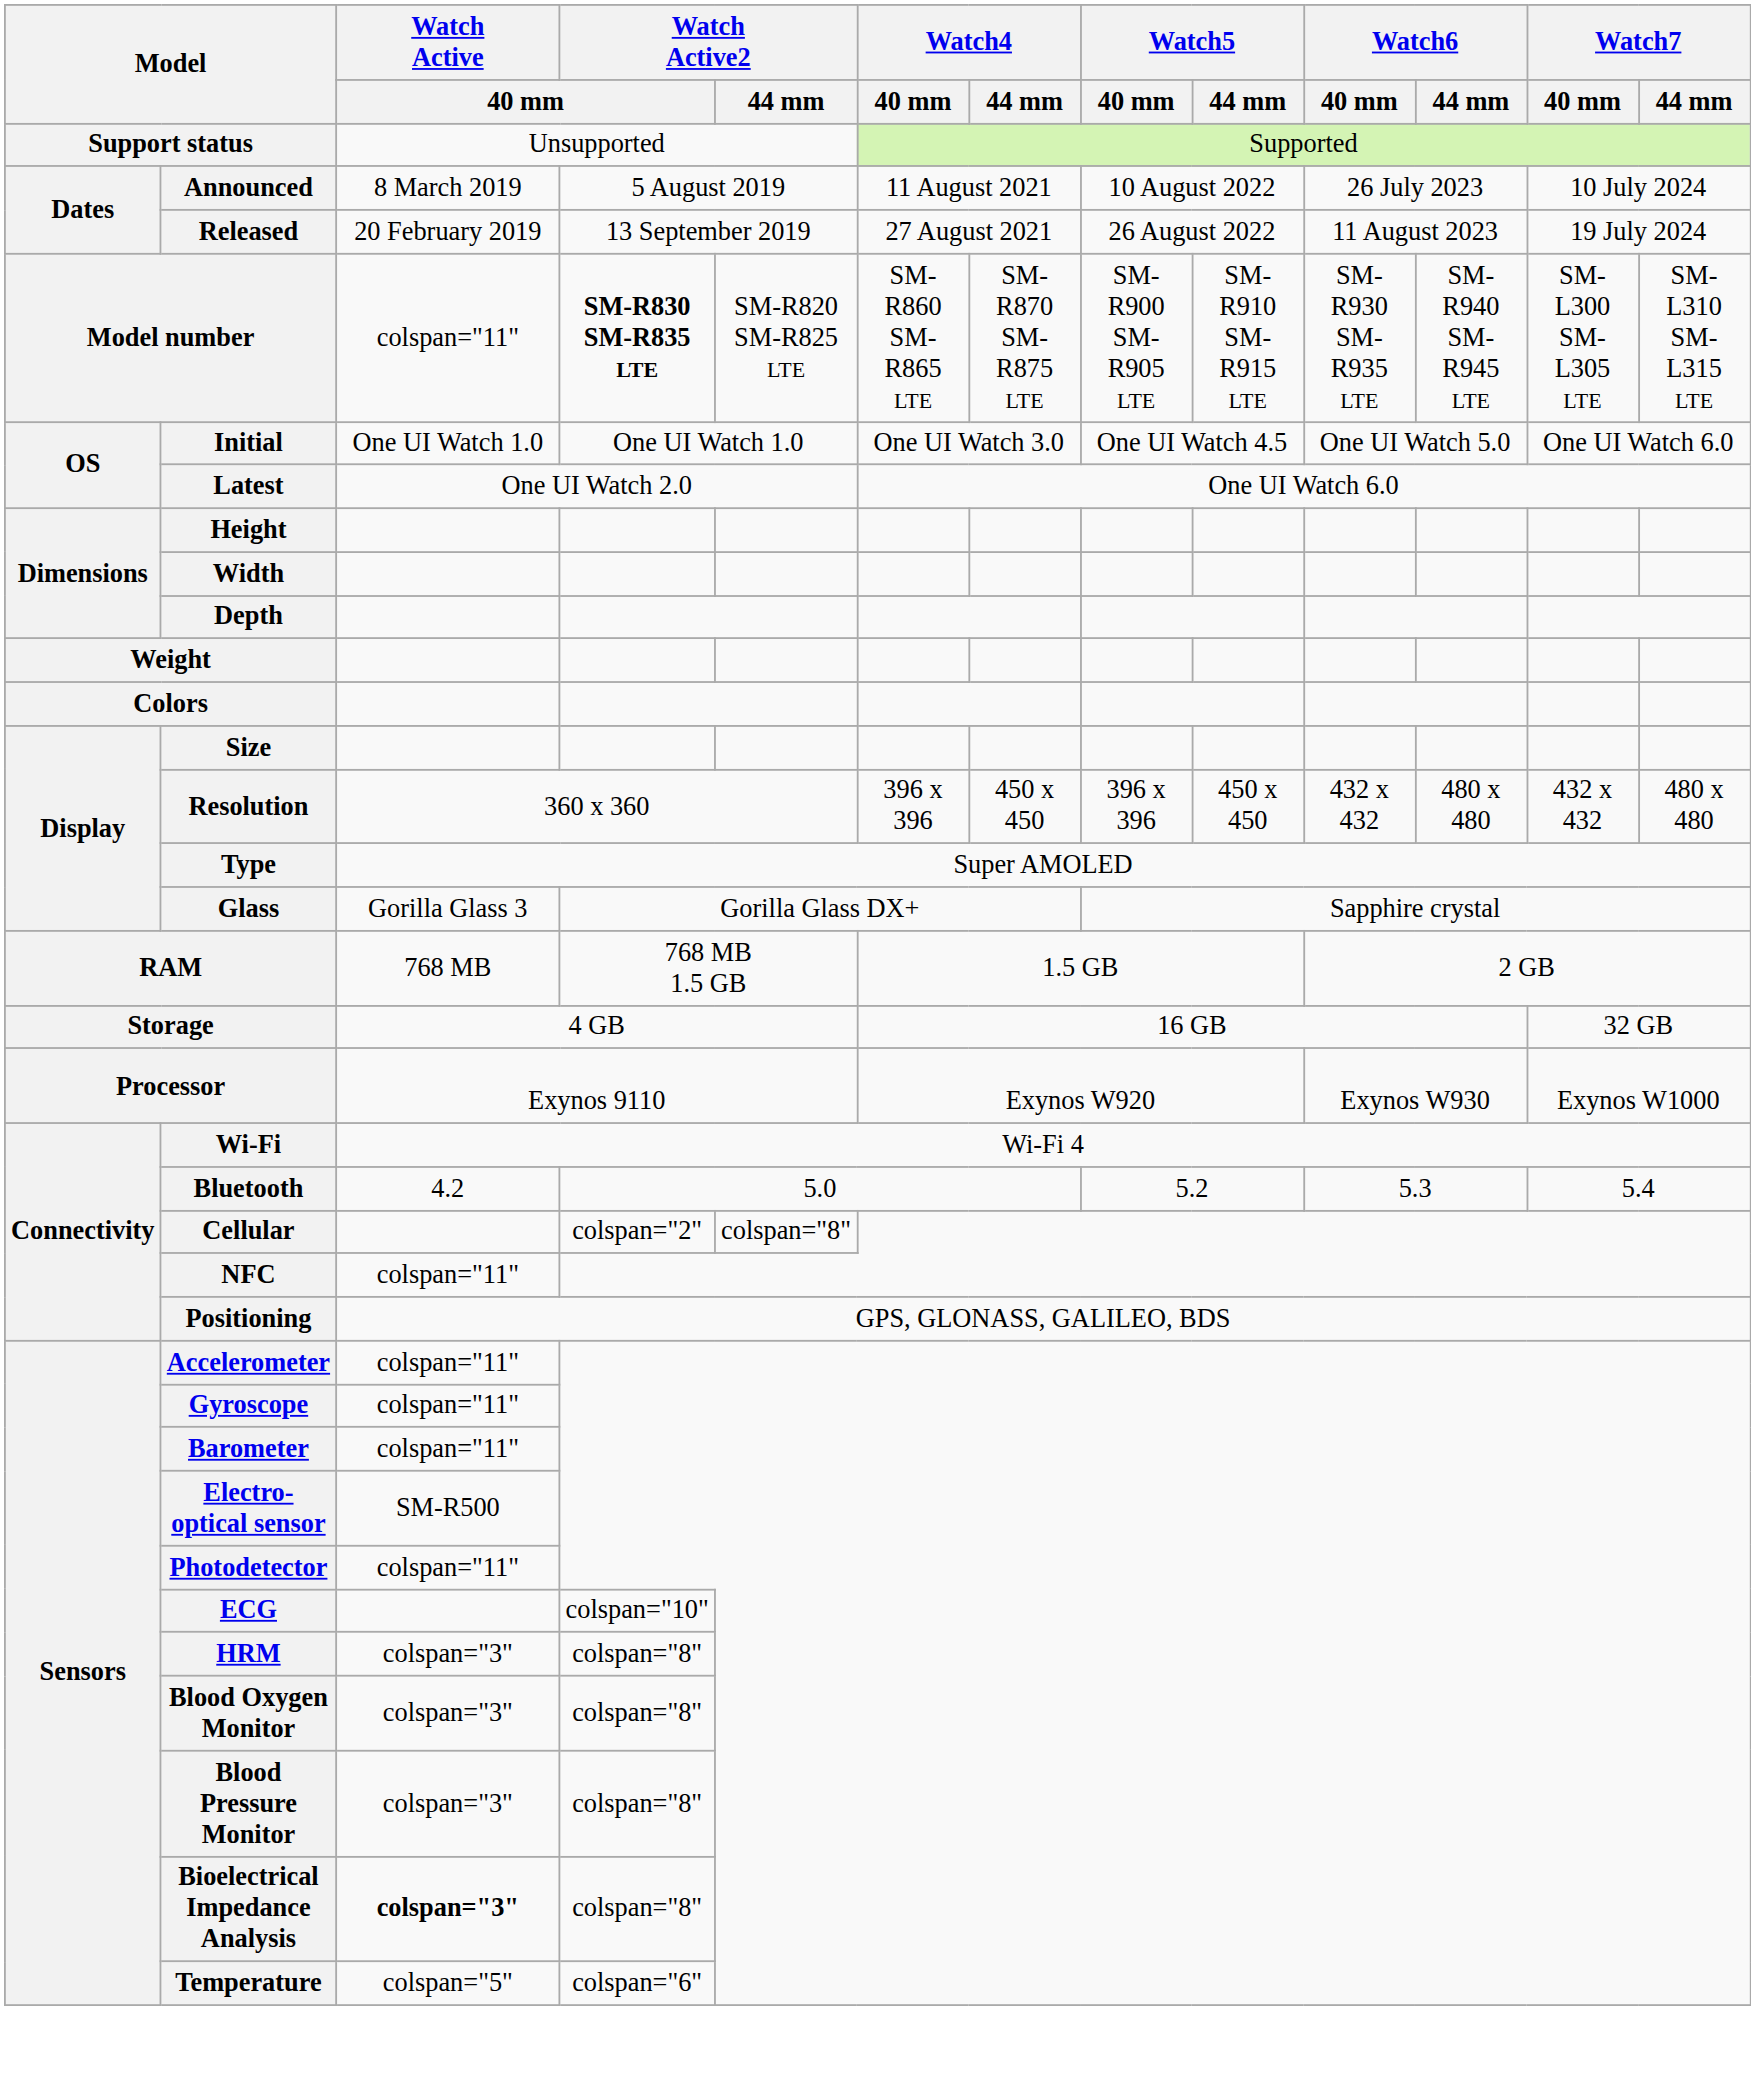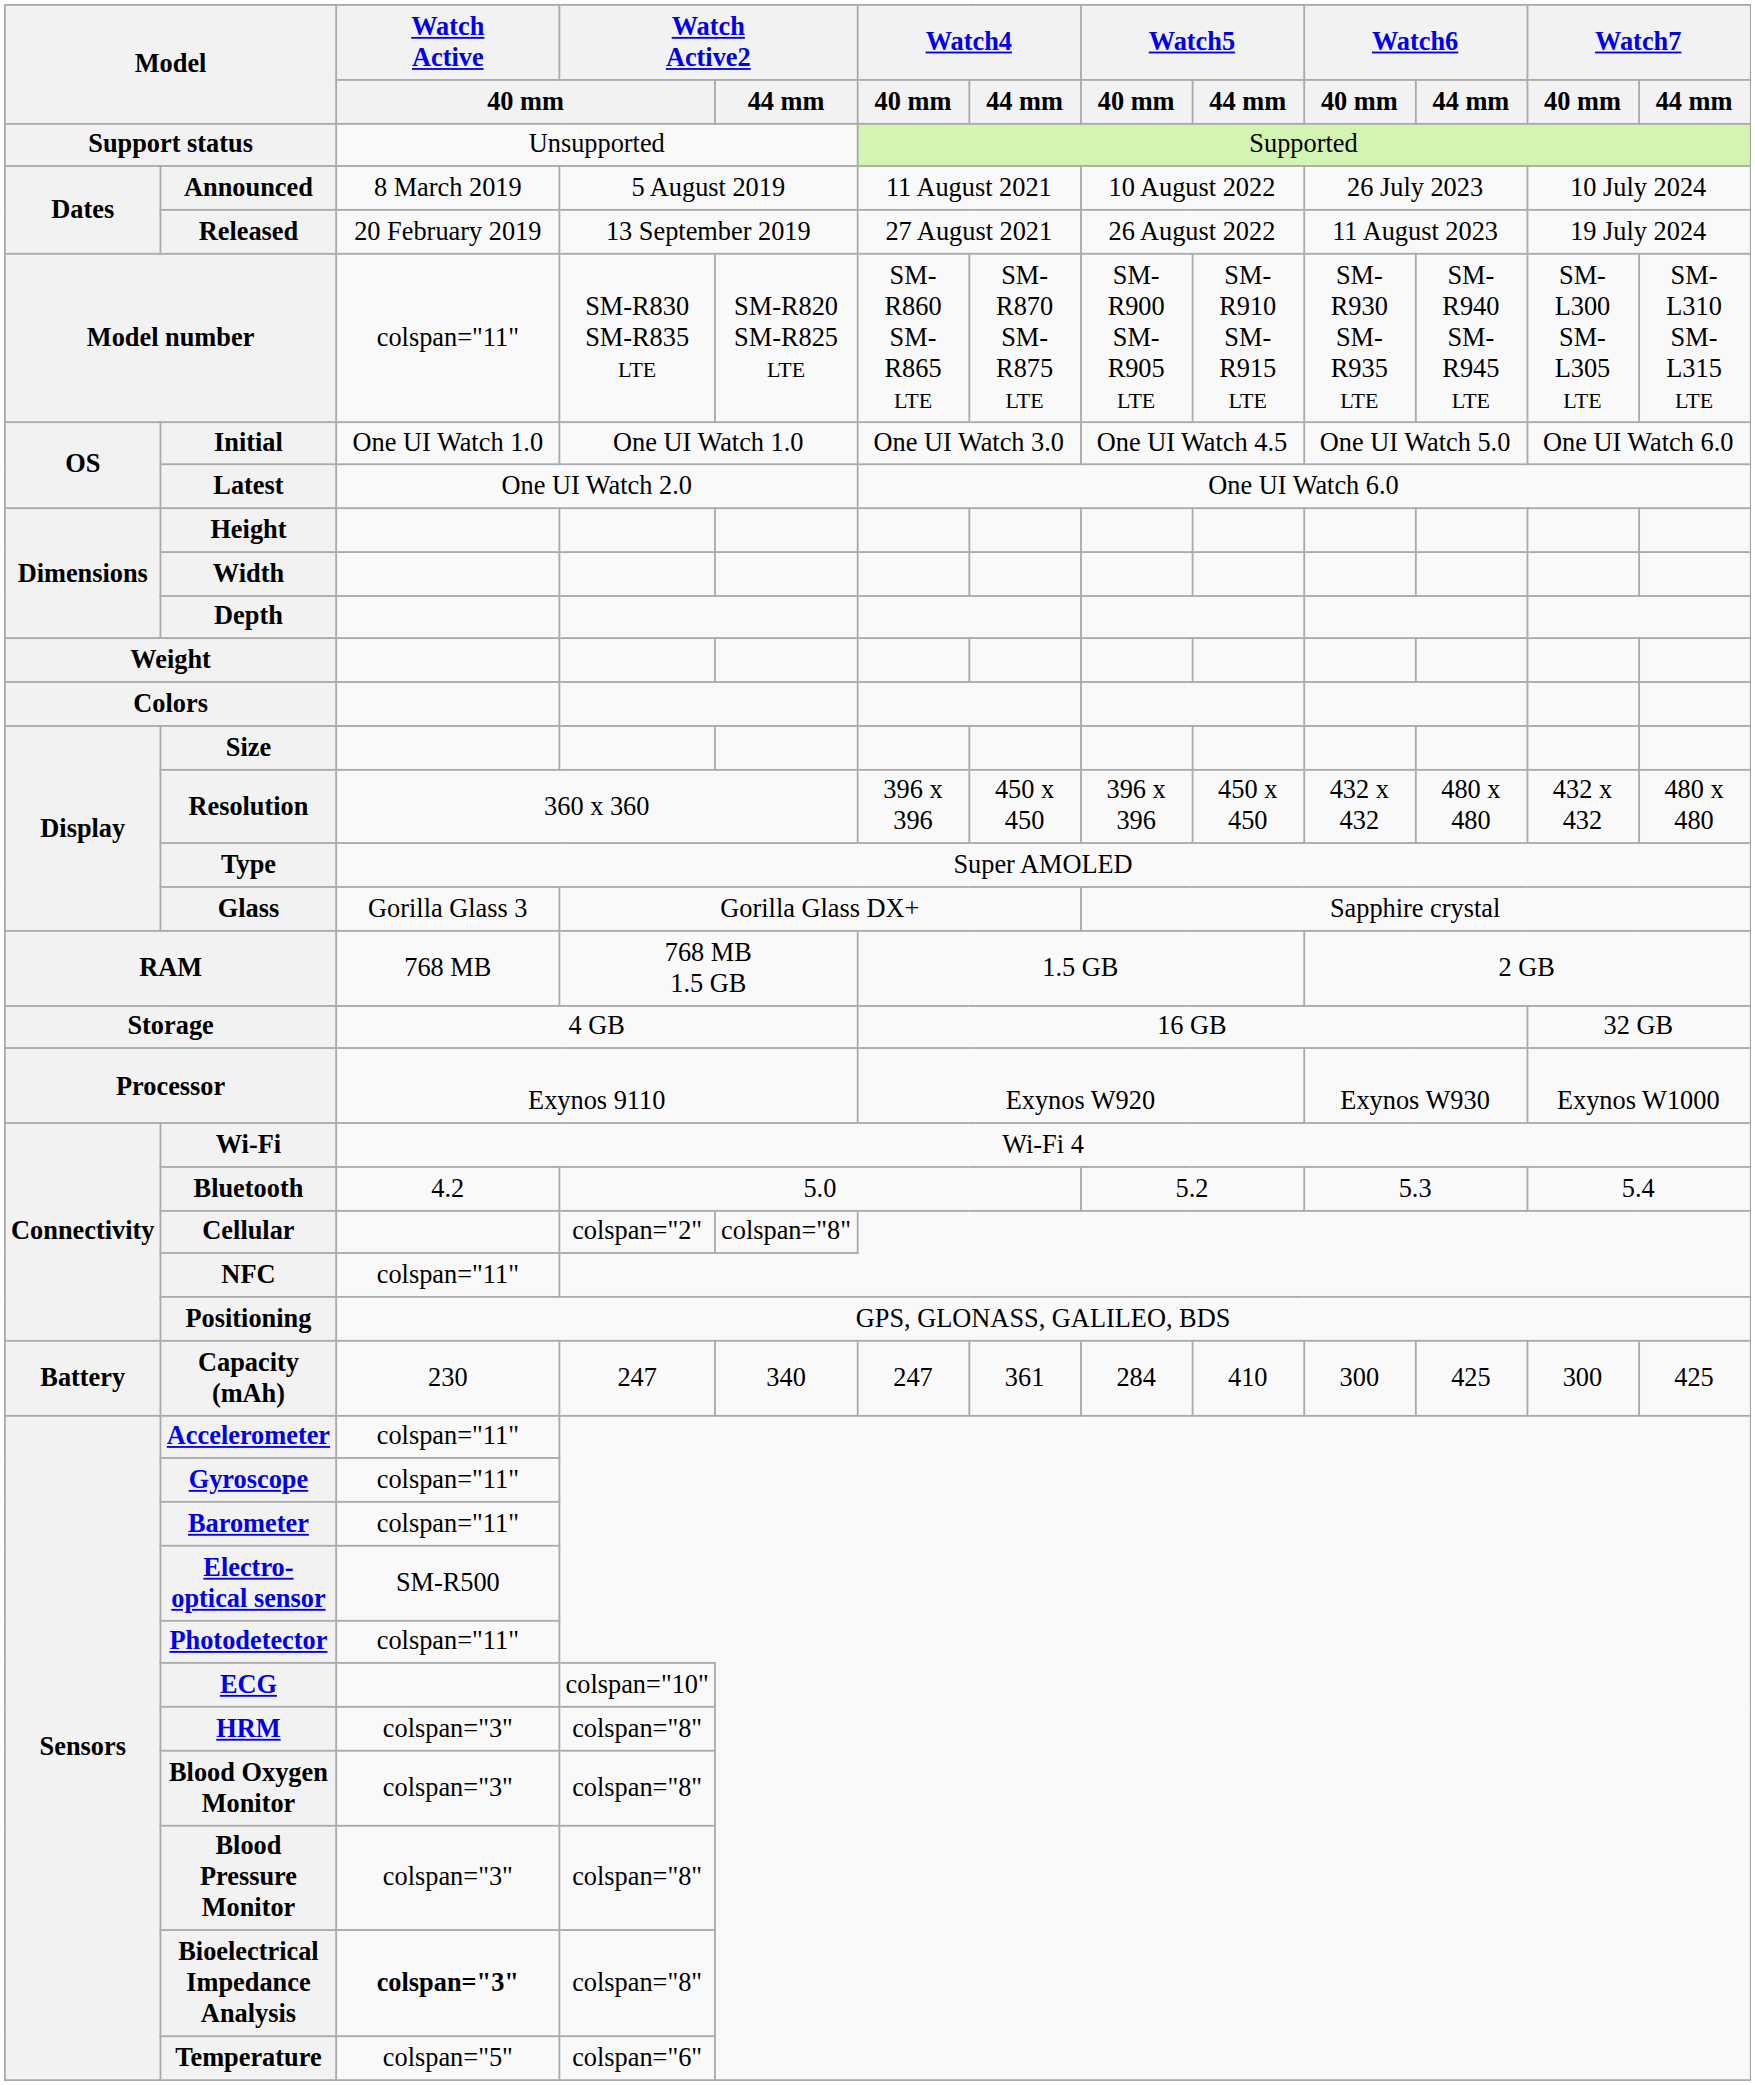 <table class="wikitable" style="text-align:center; font-size:90%;">
 <tr>
 <th colspan="2" rowspan="2">Model</th>
 <th style="min-width: 8em"><a href='#'>Watch<br>Active</a></th>
 <th style="min-width: 8em" colspan="2"><a href='#'>Watch<br>Active2</a></th>
 <th style="min-width: 8em" colspan="2"><a href='#'>Watch4</a></th>
 <th style="min-width: 8em" colspan="2"><a href='#'>Watch5</a></th>
 <th style="min-width: 8em" colspan="2"><a href='#'>Watch6</a></th>
 <th style="min-width: 8em" colspan="2"><a href='#'>Watch7</a></th>
 </tr>
 <tr>
 <th colspan="2">40 mm</th>
 <th>44 mm</th>
 <th>40 mm</th>
 <th>44 mm</th>
 <th>40 mm</th>
 <th>44 mm</th>
 <th>40 mm</th>
 <th>44 mm</th>
 <th>40 mm</th>
 <th>44 mm</th>
 </tr>
 <tr>
 <th colspan="2">Support status</th>
 <td colspan="3">Unsupported</td>
 <td style="background:#d4f4b4" colspan="8">Supported</td>
 </tr>
 <tr>
 <th rowspan="2">Dates</th>
 <th>Announced</th>
 <td>8 March 2019</td>
 <td colspan="2">5 August 2019</td>
 <td colspan="2">11 August 2021</td>
 <td colspan="2">10 August 2022</td>
 <td colspan="2">26 July 2023</td>
 <td colspan="2">10 July 2024</td>
 </tr>
 <tr>
 <th>Released</th>
 <td>20 February 2019</td>
 <td colspan="2">13 September 2019</td>
 <td colspan="2">27 August 2021</td>
 <td colspan="2">26 August 2022</td>
 <td colspan="2">11 August 2023</td>
 <td colspan="2">19 July 2024</td>
 </tr>
 <tr>
 <th colspan="2">Model number</th>
 <td>colspan="11" </td>
-<td><strong>SM-R830<br>SM-R835 <small>LTE</small></strong></td>
+<td>SM-R830<br>SM-R835 <small>LTE</small></td>
 <td>SM-R820<br>SM-R825 <small>LTE</small></td>
 <td>SM-R860<br>SM-R865 <small>LTE</small></td>
 <td>SM-R870<br>SM-R875 <small>LTE</small></td>
 <td>SM-R900<br>SM-R905 <small>LTE</small></td>
 <td>SM-R910<br>SM-R915 <small>LTE</small></td>
 <td>SM-R930<br>SM-R935 <small>LTE</small></td>
 <td>SM-R940<br>SM-R945 <small>LTE</small></td>
 <td>SM-L300<br>SM-L305 <small>LTE</small></td>
 <td>SM-L310<br>SM-L315 <small>LTE</small></td>
 </tr>
 <tr>
 <th rowspan="2">OS</th>
 <th>Initial</th>
 <td>One UI Watch 1.0<br></td>
 <td colspan="2">One UI Watch 1.0<br></td>
 <td colspan="2">One UI Watch 3.0<br></td>
 <td colspan="2">One UI Watch 4.5<br></td>
 <td colspan="2">One UI Watch 5.0<br></td>
 <td colspan="2">One UI Watch 6.0<br></td>
 </tr>
 <tr>
 <th>Latest</th>
 <td colspan="3">One UI Watch 2.0<br></td>
 <td colspan="8">One UI Watch 6.0<br></td>
 </tr>
 <tr>
 <th rowspan="3">Dimensions<br></th>
 <th>Height</th>
 <td></td>
 <td></td>
 <td></td>
 <td></td>
 <td></td>
 <td></td>
 <td></td>
 <td></td>
 <td></td>
 <td></td>
 <td></td>
 </tr>
 <tr>
 <th>Width</th>
 <td></td>
 <td></td>
 <td></td>
 <td></td>
 <td></td>
 <td></td>
 <td></td>
 <td></td>
 <td></td>
 <td></td>
 <td></td>
 </tr>
 <tr>
 <th>Depth</th>
 <td></td>
 <td colspan="2"></td>
 <td colspan="2"></td>
 <td colspan="2"></td>
 <td colspan="2"></td>
 <td colspan="2"></td>
 </tr>
 <tr>
 <th colspan="2">Weight<br></th>
 <td></td>
 <td></td>
 <td></td>
 <td></td>
 <td></td>
 <td></td>
 <td></td>
 <td></td>
 <td></td>
 <td></td>
 <td></td>
 </tr>
 <tr>
 <th colspan="2">Colors</th>
 <td>   </td>
 <td colspan="2">  </td>
 <td colspan="2">   </td>
 <td colspan="2">  </td>
 <td colspan="2">  </td>
 <td> </td>
 <td> </td>
 </tr>
 <tr>
 <th rowspan="4">Display</th>
 <th>Size</th>
 <td></td>
 <td></td>
 <td></td>
 <td></td>
 <td></td>
 <td></td>
 <td></td>
 <td></td>
 <td></td>
 <td></td>
 <td></td>
 </tr>
 <tr>
 <th>Resolution</th>
 <td colspan="3">360 x 360</td>
 <td>396 x 396</td>
 <td>450 x 450</td>
 <td>396 x 396</td>
 <td>450 x 450</td>
 <td>432 x 432</td>
 <td>480 x 480</td>
 <td>432 x 432</td>
 <td>480 x 480</td>
 </tr>
 <tr>
 <th>Type</th>
 <td colspan="11">Super AMOLED</td>
 </tr>
 <tr>
 <th>Glass</th>
 <td colspan="1">Gorilla Glass 3</td>
 <td colspan="4">Gorilla Glass DX+</td>
 <td colspan="6">Sapphire crystal</td>
 </tr>
 <tr>
 <th colspan="2">RAM</th>
 <td>768 MB</td>
 <td colspan="2">768 MB<br>1.5 GB</td>
 <td colspan="4">1.5 GB</td>
 <td colspan="4">2 GB</td>
 </tr>
 <tr>
 <th colspan="2">Storage</th>
 <td colspan="3">4 GB</td>
 <td colspan="6">16 GB</td>
 <td colspan="2">32 GB</td>
 </tr>
 <tr>
 <th colspan="2">Processor</th>
 <td colspan="3"><br>Exynos 9110</td>
 <td colspan="4"><br>Exynos W920</td>
 <td colspan="2"><br>Exynos W930</td>
 <td colspan="2"><br>Exynos W1000</td>
 </tr>
 <tr>
 <th rowspan="5">Connectivity</th>
 <th>Wi-Fi</th>
 <td colspan="11">Wi-Fi 4</td>
 </tr>
 <tr>
 <th>Bluetooth</th>
 <td>4.2</td>
 <td colspan="4">5.0</td>
 <td colspan="2">5.2</td>
 <td colspan="2">5.3</td>
 <td colspan="2">5.4</td>
 </tr>
 <tr>
 <th>Cellular</th>
 <td></td>
 <td>colspan="2" </td>
 <td>colspan="8" </td>
 </tr>
 <tr>
 <th>NFC</th>
 <td>colspan="11" </td>
 </tr>
 <tr>
 <th>Positioning</th>
 <td colspan="11">GPS, GLONASS, GALILEO, BDS</td>
 </tr>
 <tr>
+<th rowspan="1">Battery</th>
+<th>Capacity (mAh)</th>
+<td>230</td>
+<td>247</td>
+<td>340</td>
+<td>247</td>
+<td>361</td>
+<td>284</td>
+<td>410</td>
+<td>300</td>
+<td>425</td>
+<td>300</td>
+<td>425</td>
+</tr>
+<tr>
 <th rowspan="11">Sensors</th>
 <th><a href='#'>Accelerometer</a></th>
 <td>colspan="11" </td>
 </tr>
 <tr>
 <th><a href='#'>Gyroscope</a></th>
 <td>colspan="11" </td>
 </tr>
 <tr>
 <th><a href='#'>Barometer</a></th>
 <td>colspan="11" </td>
 </tr>
 <tr>
 <th><a href='#'>Electro-optical sensor</a></th>
 <td>SM-R500</td>
 </tr>
 <tr>
 <th><a href='#'>Photodetector</a></th>
 <td>colspan="11" </td>
 </tr>
 <tr>
 <th><a href='#'>ECG</a></th>
 <td></td>
 <td>colspan="10" </td>
 </tr>
 <tr>
 <th><a href='#'>HRM</a></th>
 <td>colspan="3" </td>
 <td>colspan="8" </td>
 </tr>
 <tr>
 <th>Blood Oxygen Monitor</th>
 <td>colspan="3" </td>
 <td>colspan="8" </td>
 </tr>
 <tr>
 <th>Blood Pressure Monitor</th>
 <td>colspan="3" </td>
 <td>colspan="8" </td>
 </tr>
 <tr>
 <th>Bioelectrical Impedance Analysis</th>
 <td><strong>colspan="3" </strong></td>
 <td>colspan="8" </td>
 </tr>
 <tr>
 <th>Temperature</th>
 <td>colspan="5" </td>
 <td>colspan="6" </td>
 </tr>
 </table>
